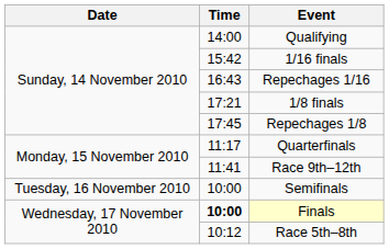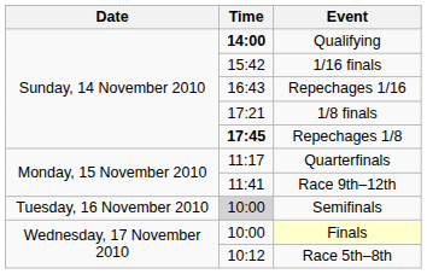 <table class = "wikitable" style="text-align:center;">
 <tr>
 <th width=220>Date</th>
 <th width=50>Time</th>
 <th width=150>Event</th>
 </tr>
 <tr>
 <td rowspan=5>Sunday, 14 November 2010</td>
-<td>14:00</td>
+<td><strong>14:00</strong></td>
 <td>Qualifying</td>
 </tr>
 <tr>
 <td>15:42</td>
 <td>1/16 finals</td>
 </tr>
 <tr>
 <td>16:43</td>
 <td>Repechages 1/16</td>
 </tr>
 <tr>
 <td>17:21</td>
 <td>1/8 finals</td>
 </tr>
 <tr>
-<td>17:45</td>
+<td><strong>17:45</strong></td>
 <td>Repechages 1/8</td>
 </tr>
 <tr>
 <td rowspan=2>Monday, 15 November 2010</td>
 <td>11:17</td>
 <td>Quarterfinals</td>
 </tr>
 <tr>
 <td>11:41</td>
 <td>Race 9th–12th</td>
 </tr>
 <tr>
 <td>Tuesday, 16 November 2010</td>
-<td>10:00</td>
+<td style="background: lightgrey;">10:00</td>
 <td>Semifinals</td>
 </tr>
 <tr>
 <td rowspan=2>Wednesday, 17 November 2010</td>
-<td><strong>10:00</strong></td>
+<td>10:00</td>
 <td bgcolor=ffffcc>Finals</td>
 </tr>
 <tr>
 <td>10:12</td>
 <td>Race 5th–8th</td>
 </tr>
 </table>
